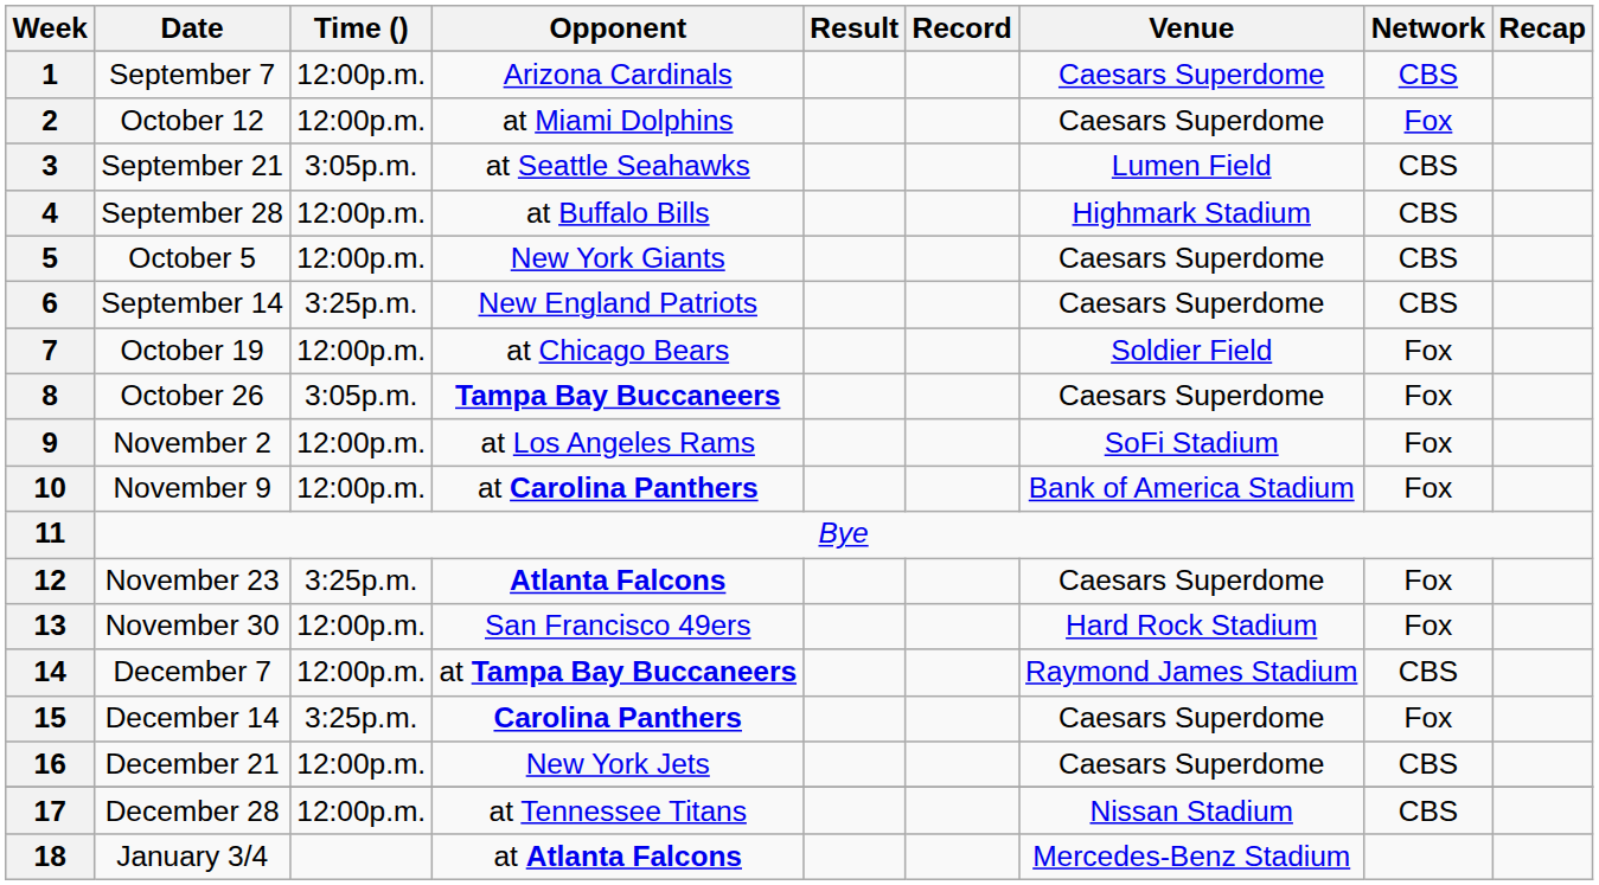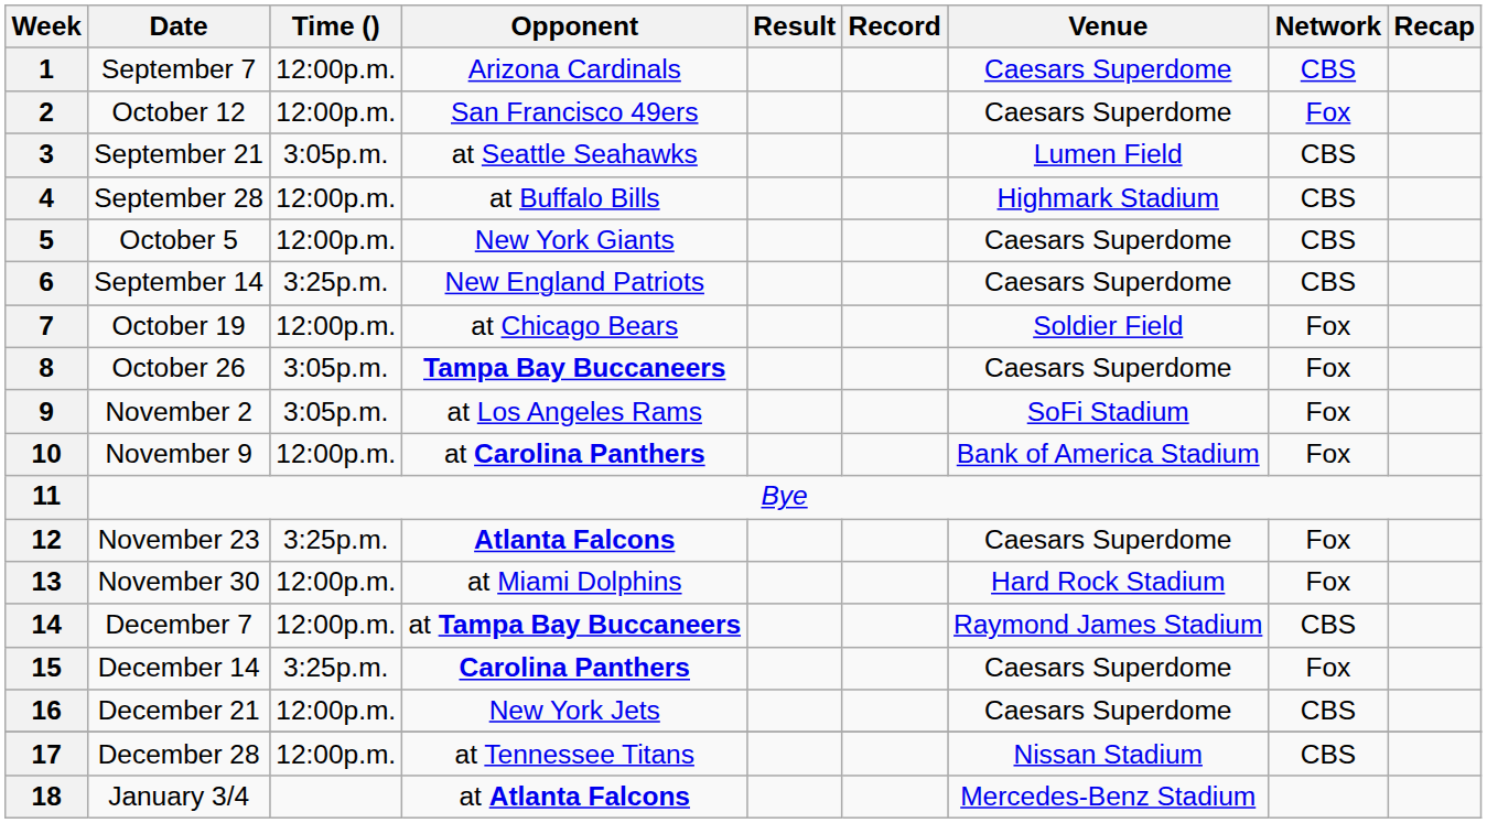 <table class="wikitable" style="text-align:center">
 <tr>
 <th>Week</th>
 <th>Date</th>
 <th>Time (<a href='#'></a>)</th>
 <th>Opponent</th>
 <th>Result</th>
 <th>Record</th>
 <th>Venue</th>
 <th>Network</th>
 <th>Recap</th>
 </tr>
 <tr>
 <th>1 </th>
 <td>September 7</td>
 <td>12:00p.m.</td>
 <td><a href='#'>Arizona Cardinals</a></td>
 <td></td>
 <td></td>
 <td><a href='#'>Caesars Superdome</a></td>
 <td><a href='#'>CBS</a></td>
 <td></td>
 </tr>
 <tr>
 <th>2 </th>
 <td>October 12</td>
 <td>12:00p.m.</td>
-<td>at <a href='#'>Miami Dolphins</a></td>
+<td><a href='#'>San Francisco 49ers</a></td>
 <td></td>
 <td></td>
 <td>Caesars Superdome</td>
 <td><a href='#'>Fox</a></td>
 <td></td>
 </tr>
 <tr>
 <th>3 </th>
 <td>September 21</td>
 <td>3:05p.m.</td>
 <td>at <a href='#'>Seattle Seahawks</a></td>
 <td></td>
 <td></td>
 <td><a href='#'>Lumen Field</a></td>
 <td>CBS</td>
 <td></td>
 </tr>
 <tr>
 <th>4 </th>
 <td>September 28</td>
 <td>12:00p.m.</td>
 <td>at <a href='#'>Buffalo Bills</a></td>
 <td></td>
 <td></td>
 <td><a href='#'>Highmark Stadium</a></td>
 <td>CBS</td>
 <td></td>
 </tr>
 <tr>
 <th>5 </th>
 <td>October 5</td>
 <td>12:00p.m.</td>
 <td><a href='#'>New York Giants</a></td>
 <td></td>
 <td></td>
 <td>Caesars Superdome</td>
 <td>CBS</td>
 <td></td>
 </tr>
 <tr>
 <th>6 </th>
 <td>September 14</td>
 <td>3:25p.m.</td>
 <td><a href='#'>New England Patriots</a></td>
 <td></td>
 <td></td>
 <td>Caesars Superdome</td>
 <td>CBS</td>
 <td></td>
 </tr>
 <tr>
 <th>7 </th>
 <td>October 19</td>
 <td>12:00p.m.</td>
 <td>at <a href='#'>Chicago Bears</a></td>
 <td></td>
 <td></td>
 <td><a href='#'>Soldier Field</a></td>
 <td>Fox</td>
 <td></td>
 </tr>
 <tr>
 <th>8 </th>
 <td>October 26</td>
 <td>3:05p.m.</td>
 <td><strong><a href='#'>Tampa Bay Buccaneers</a></strong></td>
 <td></td>
 <td></td>
 <td>Caesars Superdome</td>
 <td>Fox</td>
 <td></td>
 </tr>
 <tr>
 <th>9 </th>
 <td>November 2</td>
-<td>12:00p.m.</td>
+<td>3:05p.m.</td>
 <td>at <a href='#'>Los Angeles Rams</a></td>
 <td></td>
 <td></td>
 <td><a href='#'>SoFi Stadium</a></td>
 <td>Fox</td>
 <td></td>
 </tr>
 <tr>
 <th>10 </th>
 <td>November 9</td>
 <td>12:00p.m.</td>
 <td>at <strong><a href='#'>Carolina Panthers</a></strong></td>
 <td></td>
 <td></td>
 <td><a href='#'>Bank of America Stadium</a></td>
 <td>Fox</td>
 <td></td>
 </tr>
 <tr>
 <th>11</th>
 <td colspan=8><em><a href='#'>Bye</a></em></td>
 </tr>
 <tr>
 <th>12 </th>
 <td>November 23</td>
 <td>3:25p.m.</td>
 <td><strong><a href='#'>Atlanta Falcons</a></strong></td>
 <td></td>
 <td></td>
 <td>Caesars Superdome</td>
 <td>Fox</td>
 <td></td>
 </tr>
 <tr>
 <th>13 </th>
 <td>November 30</td>
 <td>12:00p.m.</td>
-<td><a href='#'>San Francisco 49ers</a></td>
+<td>at <a href='#'>Miami Dolphins</a></td>
 <td></td>
 <td></td>
 <td><a href='#'>Hard Rock Stadium</a></td>
 <td>Fox</td>
 <td></td>
 </tr>
 <tr>
 <th>14 </th>
 <td>December 7</td>
 <td>12:00p.m.</td>
 <td>at <strong><a href='#'>Tampa Bay Buccaneers</a></strong></td>
 <td></td>
 <td></td>
 <td><a href='#'>Raymond James Stadium</a></td>
 <td>CBS</td>
 <td></td>
 </tr>
 <tr>
 <th>15 </th>
 <td>December 14</td>
 <td>3:25p.m.</td>
 <td><strong><a href='#'>Carolina Panthers</a></strong></td>
 <td></td>
 <td></td>
 <td>Caesars Superdome</td>
 <td>Fox</td>
 <td></td>
 </tr>
 <tr>
 <th>16 </th>
 <td>December 21</td>
 <td>12:00p.m.</td>
 <td><a href='#'>New York Jets</a></td>
 <td></td>
 <td></td>
 <td>Caesars Superdome</td>
 <td>CBS</td>
 <td></td>
 </tr>
 <tr>
 </tr>
 <tr>
 <th>17 </th>
 <td>December 28</td>
 <td>12:00p.m.</td>
 <td>at <a href='#'>Tennessee Titans</a></td>
 <td></td>
 <td></td>
 <td><a href='#'>Nissan Stadium</a></td>
 <td>CBS</td>
 <td></td>
 </tr>
 <tr>
 <th>18 </th>
 <td>January 3/4</td>
 <td></td>
 <td>at <strong><a href='#'>Atlanta Falcons</a></strong></td>
 <td></td>
 <td></td>
 <td><a href='#'>Mercedes-Benz Stadium</a></td>
 <td></td>
 <td></td>
 </tr>
 </table>
